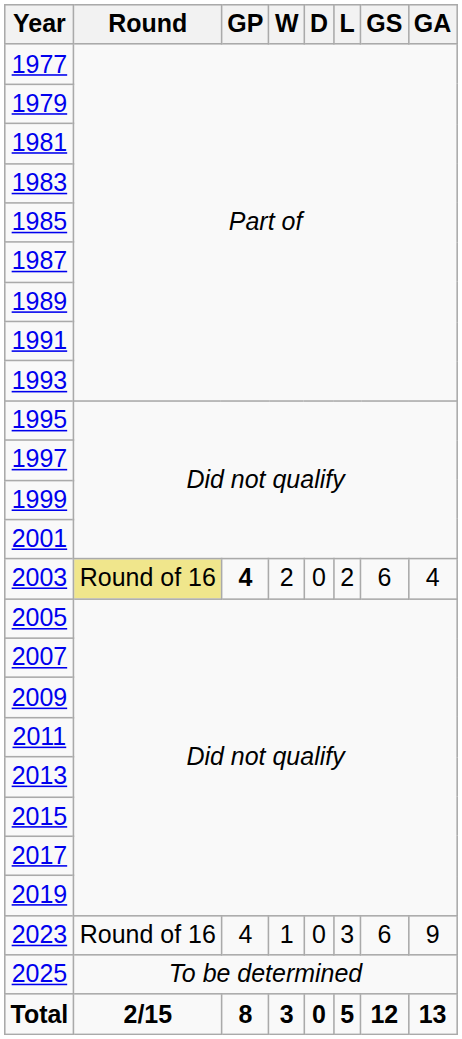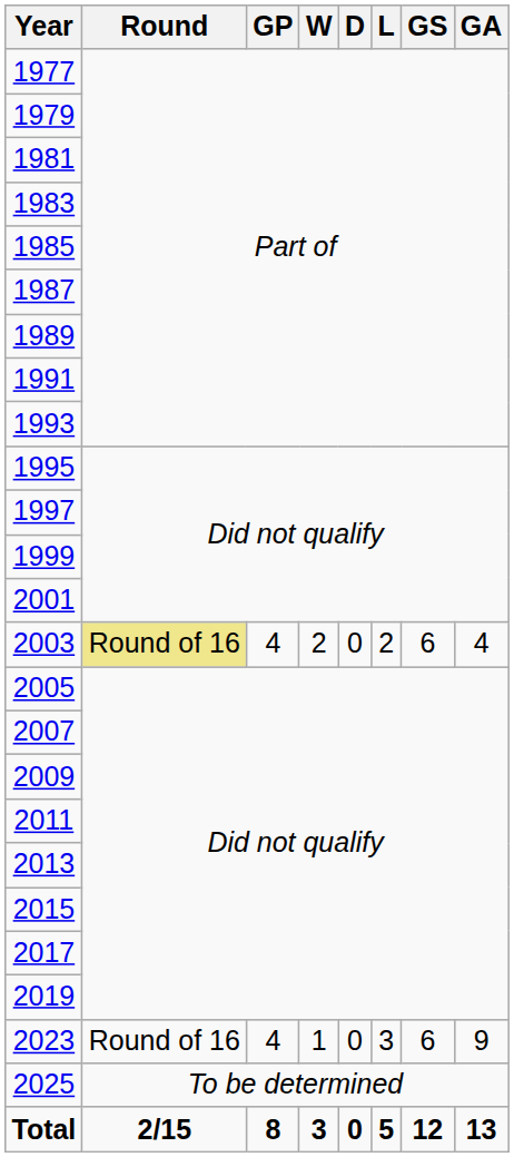 <table class="wikitable" style="text-align: center;">
 <tr>
 <th>Year</th>
 <th>Round</th>
 <th>GP</th>
 <th>W</th>
 <th>D</th>
 <th>L</th>
 <th>GS</th>
 <th>GA</th>
 </tr>
 <tr>
 <td> <a href='#'>1977</a></td>
 <td rowspan=9 colspan=7><em>Part of </em></td>
 </tr>
 <tr>
 <td> <a href='#'>1979</a></td>
 </tr>
 <tr>
 <td> <a href='#'>1981</a></td>
 </tr>
 <tr>
 <td> <a href='#'>1983</a></td>
 </tr>
 <tr>
 <td> <a href='#'>1985</a></td>
 </tr>
 <tr>
 <td> <a href='#'>1987</a></td>
 </tr>
 <tr>
 <td> <a href='#'>1989</a></td>
 </tr>
 <tr>
 <td> <a href='#'>1991</a></td>
 </tr>
 <tr>
 <td> <a href='#'>1993</a></td>
 </tr>
 <tr>
 <td> <a href='#'>1995</a></td>
 <td rowspan=4 colspan=7><em>Did not qualify</em></td>
 </tr>
 <tr>
 <td> <a href='#'>1997</a></td>
 </tr>
 <tr>
 <td> <a href='#'>1999</a></td>
 </tr>
 <tr>
 <td> <a href='#'>2001</a></td>
 </tr>
 <tr>
 <td> <a href='#'>2003</a></td>
 <td style="background: khaki;">Round of 16</td>
-<td><strong>4</strong></td>
+<td>4</td>
 <td>2</td>
 <td>0</td>
 <td>2</td>
 <td>6</td>
 <td>4</td>
 </tr>
 <tr>
 <td> <a href='#'>2005</a></td>
 <td rowspan=8 colspan=7><em>Did not qualify</em></td>
 </tr>
 <tr>
 <td> <a href='#'>2007</a></td>
 </tr>
 <tr>
 <td> <a href='#'>2009</a></td>
 </tr>
 <tr>
 <td> <a href='#'>2011</a></td>
 </tr>
 <tr>
 <td> <a href='#'>2013</a></td>
 </tr>
 <tr>
 <td> <a href='#'>2015</a></td>
 </tr>
 <tr>
 <td> <a href='#'>2017</a></td>
 </tr>
 <tr>
 <td> <a href='#'>2019</a></td>
 </tr>
 <tr>
 <td> <a href='#'>2023</a></td>
 <td>Round of 16</td>
 <td>4</td>
 <td>1</td>
 <td>0</td>
 <td>3</td>
 <td>6</td>
 <td>9</td>
 </tr>
 <tr>
 <td> <a href='#'>2025</a></td>
 <td colspan=7><em>To be determined</em></td>
 </tr>
 <tr>
 <td><strong>Total</strong></td>
 <td><strong>2/15</strong></td>
 <td><strong>8</strong></td>
 <td><strong>3</strong></td>
 <td><strong>0</strong></td>
 <td><strong>5</strong></td>
 <td><strong>12</strong></td>
 <td><strong>13</strong></td>
 </tr>
 </table>
